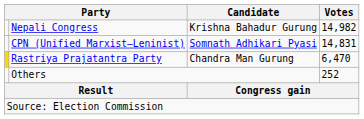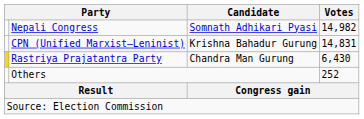 <table class="wikitable">
 <tr>
 <th colspan="2">Party</th>
 <th>Candidate</th>
 <th>Votes</th>
 </tr>
 <tr>
 <td style="background-color:"></td>
 <td><a href='#'>Nepali Congress</a></td>
-<td>Krishna Bahadur Gurung</td>
+<td><a href='#'>Somnath Adhikari Pyasi</a></td>
 <td>14,982</td>
 </tr>
 <tr>
 <td style="background-color:"></td>
 <td><a href='#'>CPN (Unified Marxist–Leninist)</a></td>
-<td><a href='#'>Somnath Adhikari Pyasi</a></td>
+<td>Krishna Bahadur Gurung</td>
 <td>14,831</td>
 </tr>
 <tr>
 <td style="background-color:gold"></td>
 <td><a href='#'>Rastriya Prajatantra Party</a></td>
 <td>Chandra Man Gurung</td>
-<td>6,470</td>
+<td>6,430</td>
 </tr>
 <tr>
 <td></td>
 <td colspan="2">Others</td>
 <td>252</td>
 </tr>
 <tr>
 <th colspan="2">Result</th>
 <th colspan="2">Congress gain</th>
 </tr>
 <tr>
 <td colspan="4">Source: Election Commission</td>
 </tr>
 </table>
